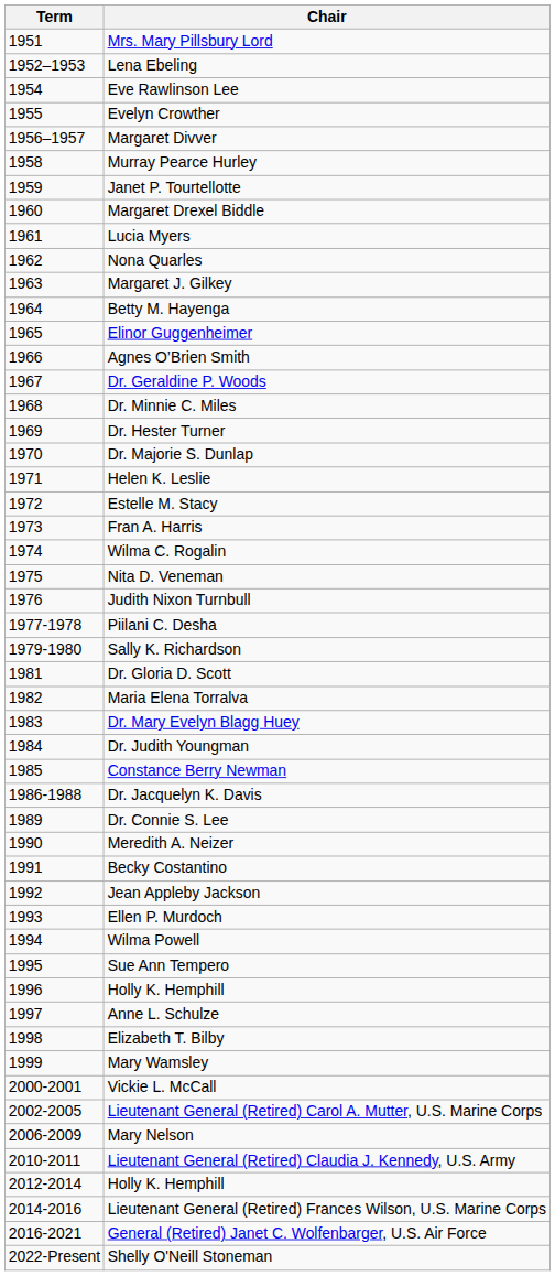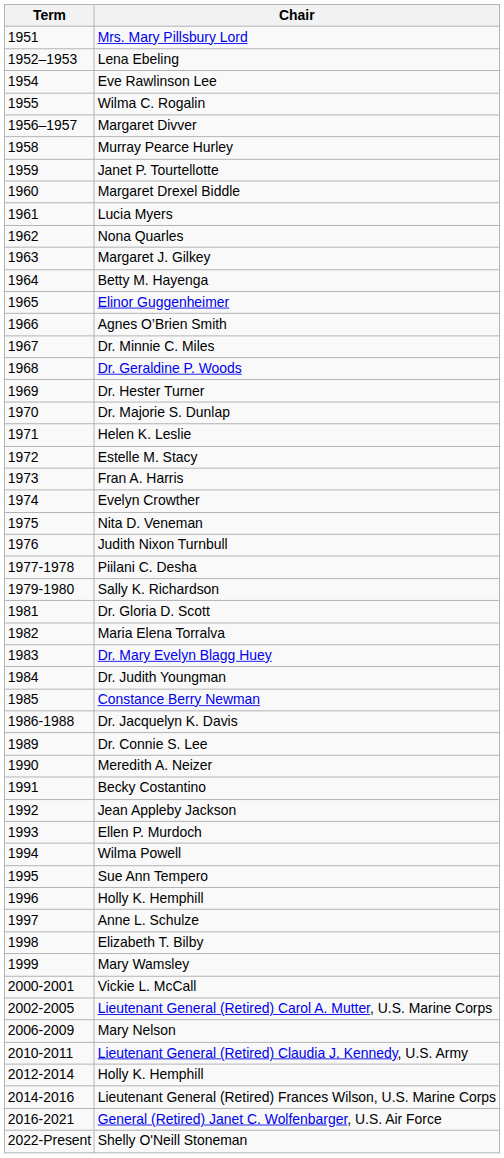 <table class="wikitable">
 <tr>
 <th>Term</th>
 <th>Chair</th>
 </tr>
 <tr>
 <td>1951</td>
 <td><a href='#'>Mrs. Mary Pillsbury Lord</a></td>
 </tr>
 <tr>
 <td>1952–1953</td>
 <td>Lena Ebeling</td>
 </tr>
 <tr>
 <td>1954</td>
 <td>Eve Rawlinson Lee</td>
 </tr>
 <tr>
 <td>1955</td>
-<td>Evelyn Crowther</td>
+<td>Wilma C. Rogalin</td>
 </tr>
 <tr>
 <td>1956–1957</td>
 <td>Margaret Divver</td>
 </tr>
 <tr>
 <td>1958</td>
 <td>Murray Pearce Hurley</td>
 </tr>
 <tr>
 <td>1959</td>
 <td>Janet P. Tourtellotte</td>
 </tr>
 <tr>
 <td>1960</td>
 <td>Margaret Drexel Biddle</td>
 </tr>
 <tr>
 <td>1961</td>
 <td>Lucia Myers</td>
 </tr>
 <tr>
 <td>1962</td>
 <td>Nona Quarles</td>
 </tr>
 <tr>
 <td>1963</td>
 <td>Margaret J. Gilkey</td>
 </tr>
 <tr>
 <td>1964</td>
 <td>Betty M. Hayenga</td>
 </tr>
 <tr>
 <td>1965</td>
 <td><a href='#'>Elinor Guggenheimer</a></td>
 </tr>
 <tr>
 <td>1966</td>
 <td>Agnes O’Brien Smith</td>
 </tr>
 <tr>
 <td>1967</td>
-<td><a href='#'>Dr. Geraldine P. Woods</a></td>
+<td>Dr. Minnie C. Miles</td>
 </tr>
 <tr>
 <td>1968</td>
-<td>Dr. Minnie C. Miles</td>
+<td><a href='#'>Dr. Geraldine P. Woods</a></td>
 </tr>
 <tr>
 <td>1969</td>
 <td>Dr. Hester Turner</td>
 </tr>
 <tr>
 <td>1970</td>
 <td>Dr. Majorie S. Dunlap</td>
 </tr>
 <tr>
 <td>1971</td>
 <td>Helen K. Leslie</td>
 </tr>
 <tr>
 <td>1972</td>
 <td>Estelle M. Stacy</td>
 </tr>
 <tr>
 <td>1973</td>
 <td>Fran A. Harris</td>
 </tr>
 <tr>
 <td>1974</td>
-<td>Wilma C. Rogalin</td>
+<td>Evelyn Crowther</td>
 </tr>
 <tr>
 <td>1975</td>
 <td>Nita D. Veneman</td>
 </tr>
 <tr>
 <td>1976</td>
 <td>Judith Nixon Turnbull</td>
 </tr>
 <tr>
 <td>1977-1978</td>
 <td>Piilani C. Desha</td>
 </tr>
 <tr>
 <td>1979-1980</td>
 <td>Sally K. Richardson</td>
 </tr>
 <tr>
 <td>1981</td>
 <td>Dr. Gloria D. Scott</td>
 </tr>
 <tr>
 <td>1982</td>
 <td>Maria Elena Torralva</td>
 </tr>
 <tr>
 <td>1983</td>
 <td><a href='#'>Dr. Mary Evelyn Blagg Huey</a></td>
 </tr>
 <tr>
 <td>1984</td>
 <td>Dr. Judith Youngman</td>
 </tr>
 <tr>
 <td>1985</td>
 <td><a href='#'>Constance Berry Newman</a></td>
 </tr>
 <tr>
 <td>1986-1988</td>
 <td>Dr. Jacquelyn K. Davis</td>
 </tr>
 <tr>
 <td>1989</td>
 <td>Dr. Connie S. Lee</td>
 </tr>
 <tr>
 <td>1990</td>
 <td>Meredith A. Neizer</td>
 </tr>
 <tr>
 <td>1991</td>
 <td>Becky Costantino</td>
 </tr>
 <tr>
 <td>1992</td>
 <td>Jean Appleby Jackson</td>
 </tr>
 <tr>
 <td>1993</td>
 <td>Ellen P. Murdoch</td>
 </tr>
 <tr>
 <td>1994</td>
 <td>Wilma Powell</td>
 </tr>
 <tr>
 <td>1995</td>
 <td>Sue Ann Tempero</td>
 </tr>
 <tr>
 <td>1996</td>
 <td>Holly K. Hemphill</td>
 </tr>
 <tr>
 <td>1997</td>
 <td>Anne L. Schulze</td>
 </tr>
 <tr>
 <td>1998</td>
 <td>Elizabeth T. Bilby</td>
 </tr>
 <tr>
 <td>1999</td>
 <td>Mary Wamsley</td>
 </tr>
 <tr>
 <td>2000-2001</td>
 <td>Vickie L. McCall</td>
 </tr>
 <tr>
 <td>2002-2005</td>
 <td><a href='#'>Lieutenant General (Retired) Carol A. Mutter</a>, U.S. Marine Corps</td>
 </tr>
 <tr>
 <td>2006-2009</td>
 <td>Mary Nelson</td>
 </tr>
 <tr>
 <td>2010-2011</td>
 <td><a href='#'>Lieutenant General (Retired) Claudia J. Kennedy</a>, U.S. Army</td>
 </tr>
 <tr>
 <td>2012-2014</td>
 <td>Holly K. Hemphill</td>
 </tr>
 <tr>
 <td>2014-2016</td>
 <td>Lieutenant General (Retired) Frances Wilson, U.S. Marine Corps</td>
 </tr>
 <tr>
 <td>2016-2021</td>
 <td><a href='#'>General (Retired) Janet C. Wolfenbarger</a>, U.S. Air Force</td>
 </tr>
 <tr>
 <td>2022-Present</td>
 <td>Shelly O'Neill Stoneman</td>
 </tr>
 </table>
